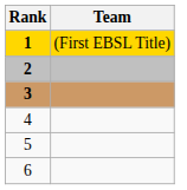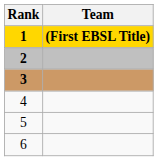 <table class="wikitable" style="text-align:center">
 <tr>
 <th>Rank</th>
 <th>Team</th>
 </tr>
 <tr style="background:gold;">
 <td><strong>1</strong></td>
-<td align="left"> (First EBSL Title)</td>
+<td align="left"><strong> (First EBSL Title)</strong></td>
 </tr>
 <tr style="background:silver;">
 <td><strong>2</strong></td>
 <td align="left"></td>
 </tr>
 <tr style="background:#c96;">
 <td><strong>3</strong></td>
 <td align="left"></td>
 </tr>
 <tr>
 <td>4</td>
 <td align="left"></td>
 </tr>
 <tr>
 <td>5</td>
 <td align="left"></td>
 </tr>
 <tr>
 <td>6</td>
 <td align="left"></td>
 </tr>
 </table>
